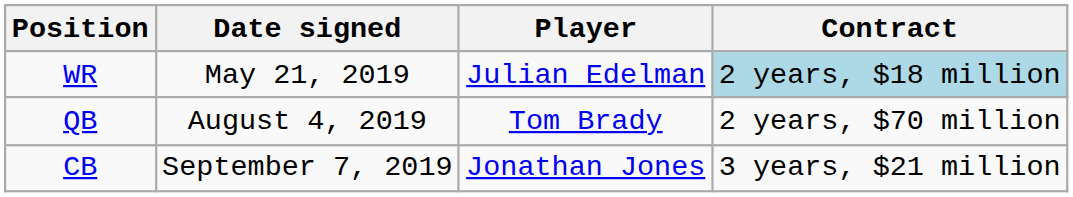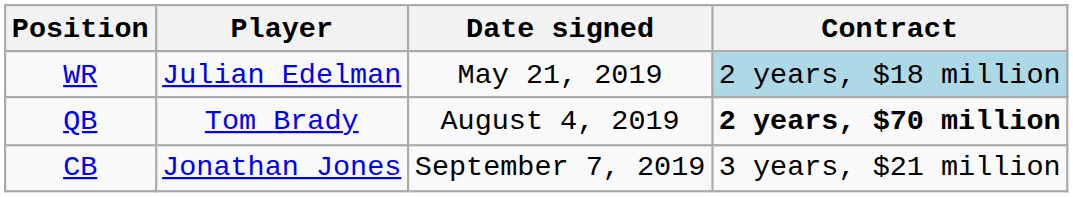 <table class="wikitable" style="text-align:center">
 <tr>
 <th>Position</th>
+<th>Player</th>
 <th>Date signed</th>
-<th>Player</th>
 <th>Contract</th>
 </tr>
 <tr>
 <td><a href='#'>WR</a></td>
+<td><a href='#'>Julian Edelman</a></td>
 <td>May 21, 2019</td>
-<td><a href='#'>Julian Edelman</a></td>
 <td style="background: lightblue;">2 years, $18 million</td>
 </tr>
 <tr>
 <td><a href='#'>QB</a></td>
+<td><a href='#'>Tom Brady</a></td>
 <td>August 4, 2019</td>
-<td><a href='#'>Tom Brady</a></td>
-<td>2 years, $70 million</td>
+<td><strong>2 years, $70 million</strong></td>
 </tr>
 <tr>
 <td><a href='#'>CB</a></td>
+<td><a href='#'>Jonathan Jones</a></td>
 <td>September 7, 2019</td>
-<td><a href='#'>Jonathan Jones</a></td>
 <td>3 years, $21 million</td>
 </tr>
 </table>
